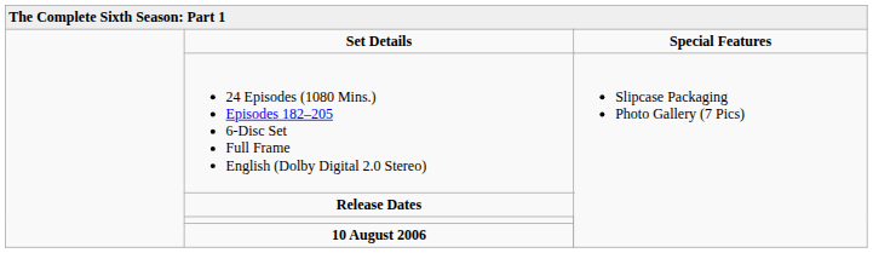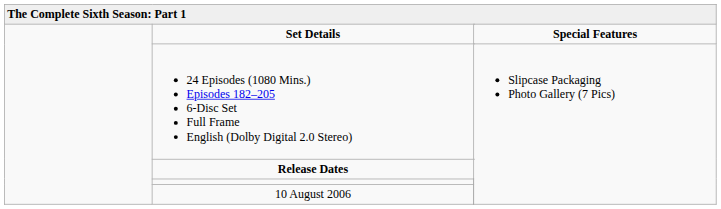 <table class="wikitable" style="font-size: 95%;">
 <tr style="background:#EFEFEF">
 <td colspan="5"><strong>The Complete Sixth Season: Part 1</strong></td>
 </tr>
 <tr>
 <td rowspan="6" align="center" width="180"></td>
 <td align="center" width="350" colspan="3"><strong>Set Details</strong></td>
 <td width="250" align="center"><strong>Special Features</strong></td>
 </tr>
 <tr valign="top">
 <td colspan="3" align="left" width="400"><br><ul><li>24 Episodes (1080 Mins.)</li><li><a href='#'>Episodes 182–205</a></li><li>6-Disc Set</li><li>Full Frame</li><li>English (Dolby Digital 2.0 Stereo)</li></ul></td>
 <td rowspan="4" align="left" width="300"><br><ul><li>Slipcase Packaging</li><li>Photo Gallery (7 Pics)</li></ul></td>
 </tr>
 <tr>
 <td colspan="3" align="center"><strong>Release Dates</strong></td>
 </tr>
 <tr>
 <td align="center"></td>
 </tr>
 <tr>
-<td align="center"><strong>10 August 2006</strong></td>
+<td align="center">10 August 2006</td>
 </tr>
 </table>
